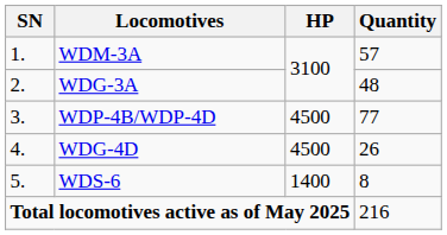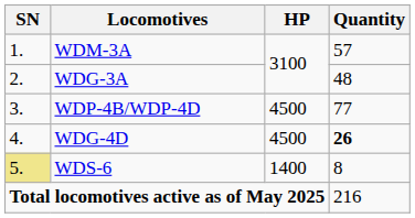 <table class="wikitable">
 <tr>
 <th>SN</th>
 <th>Locomotives</th>
 <th>HP</th>
 <th>Quantity</th>
 </tr>
 <tr>
 <td>1.</td>
 <td><a href='#'>WDM-3A</a></td>
 <td rowspan="2">3100</td>
 <td>57</td>
 </tr>
 <tr>
 <td>2.</td>
 <td><a href='#'>WDG-3A</a></td>
 <td>48</td>
 </tr>
 <tr>
 <td>3.</td>
 <td><a href='#'>WDP-4B/WDP-4D</a></td>
 <td>4500</td>
 <td>77</td>
 </tr>
 <tr>
 <td>4.</td>
 <td><a href='#'>WDG-4D</a></td>
 <td>4500</td>
-<td>26</td>
+<td><strong>26</strong></td>
 </tr>
 <tr>
-<td>5.</td>
+<td style="background: khaki;">5.</td>
 <td><a href='#'>WDS-6</a></td>
 <td>1400</td>
 <td>8</td>
 </tr>
 <tr>
 <td colspan="3"><strong>Total locomotives active as of May 2025</strong></td>
 <td>216</td>
 </tr>
 </table>
